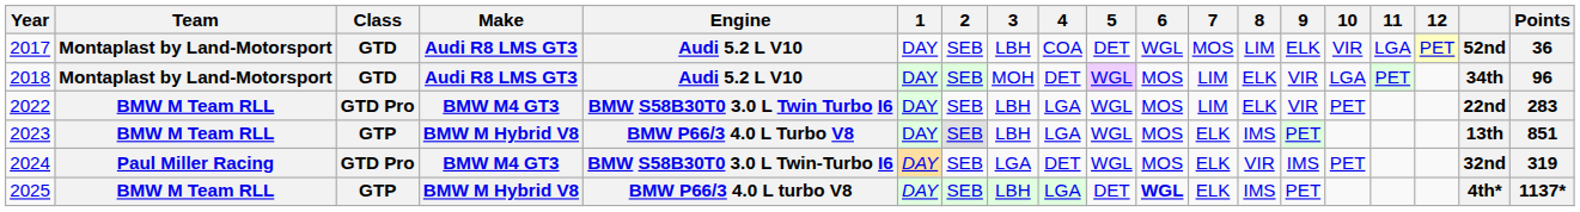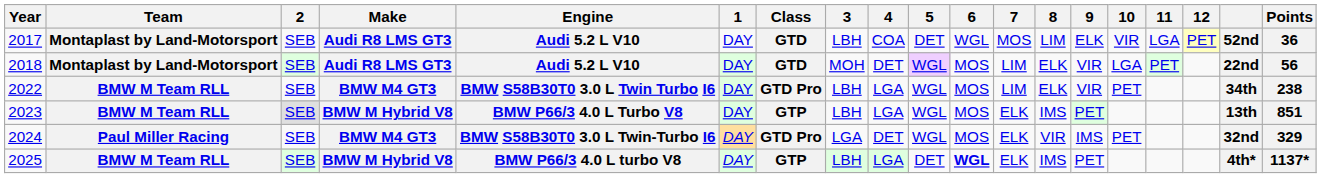 <table class="wikitable" style="text-align:center; font-size:85%">
 <tr>
 <th>Year</th>
 <th>Team</th>
-<th>Class</th>
+<th>2</th>
 <th>Make</th>
 <th>Engine</th>
 <th>1</th>
-<th>2</th>
+<th>Class</th>
 <th>3</th>
 <th>4</th>
 <th>5</th>
 <th>6</th>
 <th>7</th>
 <th>8</th>
 <th>9</th>
 <th>10</th>
 <th>11</th>
 <th>12</th>
 <th></th>
 <th>Points</th>
 </tr>
 <tr>
 <td><a href='#'>2017</a></td>
 <th nowrap>Montaplast by Land-Motorsport</th>
-<th>GTD</th>
+<td><a href='#'>SEB</a></td>
 <th nowrap><a href='#'>Audi R8 LMS GT3</a></th>
 <th nowrap><a href='#'>Audi</a> 5.2 L V10</th>
 <td><a href='#'>DAY</a></td>
-<td><a href='#'>SEB</a></td>
+<th>GTD</th>
 <td><a href='#'>LBH</a></td>
 <td><a href='#'>COA</a></td>
 <td><a href='#'>DET</a></td>
 <td><a href='#'>WGL</a></td>
 <td><a href='#'>MOS</a></td>
 <td><a href='#'>LIM</a></td>
 <td><a href='#'>ELK</a></td>
 <td><a href='#'>VIR</a></td>
 <td><a href='#'>LGA</a></td>
 <td style="background:#FFFFBF;"><a href='#'>PET</a><br></td>
 <th>52nd</th>
 <th>36</th>
 </tr>
 <tr>
 <td nowrap><a href='#'>2018</a></td>
 <th nowrap>Montaplast by Land-Motorsport</th>
-<th>GTD</th>
+<td style="background:#DFFFDF;"><a href='#'>SEB</a><br></td>
 <th nowrap><a href='#'>Audi R8 LMS GT3</a></th>
 <th nowrap><a href='#'>Audi</a> 5.2 L V10</th>
 <td style="background:#DFFFDF;"><a href='#'>DAY</a><br></td>
-<td style="background:#DFFFDF;"><a href='#'>SEB</a><br></td>
+<th>GTD</th>
 <td><a href='#'>MOH</a></td>
 <td><a href='#'>DET</a></td>
 <td style="background:#EFCFFF;"><a href='#'>WGL</a><br></td>
 <td><a href='#'>MOS</a></td>
 <td><a href='#'>LIM</a></td>
 <td><a href='#'>ELK</a></td>
 <td><a href='#'>VIR</a></td>
 <td><a href='#'>LGA</a></td>
 <td style="background:#DFFFDF;"><a href='#'>PET</a><br></td>
 <td></td>
-<th>34th</th>
-<th>96</th>
+<th>22nd</th>
+<th>56</th>
 </tr>
 <tr>
 <td nowrap><a href='#'>2022</a></td>
 <th nowrap><a href='#'>BMW M Team RLL</a></th>
-<th nowrap>GTD Pro</th>
+<td><a href='#'>SEB</a></td>
 <th nowrap><a href='#'>BMW M4 GT3</a></th>
 <th nowrap><a href='#'>BMW</a> <a href='#'>S58B30T0</a> 3.0 L <a href='#'>Twin Turbo</a> <a href='#'>I6</a></th>
 <td style="background:#DFFFDF;"><a href='#'>DAY</a><br></td>
-<td><a href='#'>SEB</a></td>
+<th nowrap>GTD Pro</th>
 <td><a href='#'>LBH</a></td>
 <td><a href='#'>LGA</a></td>
 <td><a href='#'>WGL</a></td>
 <td><a href='#'>MOS</a></td>
 <td><a href='#'>LIM</a></td>
 <td><a href='#'>ELK</a></td>
 <td><a href='#'>VIR</a></td>
 <td><a href='#'>PET</a></td>
 <td></td>
 <td></td>
-<th>22nd</th>
-<th>283</th>
+<th>34th</th>
+<th>238</th>
 </tr>
 <tr>
 <td><a href='#'>2023</a></td>
 <th nowrap><a href='#'>BMW M Team RLL</a></th>
-<th>GTP</th>
+<td style="background:#DFDFDF;”"><a href='#'>SEB</a><br></td>
 <th nowrap><a href='#'>BMW M Hybrid V8</a></th>
 <th nowrap><a href='#'>BMW P66/3</a> 4.0 L Turbo <a href='#'>V8</a></th>
 <td style="background:#DFFFDF;"><a href='#'>DAY</a><br></td>
-<td style="background:#DFDFDF;”"><a href='#'>SEB</a><br></td>
+<th>GTP</th>
 <td><a href='#'>LBH</a></td>
 <td><a href='#'>LGA</a></td>
 <td><a href='#'>WGL</a></td>
 <td><a href='#'>MOS</a></td>
 <td><a href='#'>ELK</a></td>
 <td><a href='#'>IMS</a></td>
 <td style="background:#DFFFDF;"><a href='#'>PET</a><br></td>
 <td></td>
 <td></td>
 <td></td>
 <th>13th</th>
 <th>851</th>
 </tr>
 <tr>
 <td><a href='#'>2024</a></td>
 <th nowrap><a href='#'>Paul Miller Racing</a></th>
-<th nowrap>GTD Pro</th>
+<td><a href='#'>SEB</a></td>
 <th nowrap><a href='#'>BMW M4 GT3</a></th>
 <th nowrap><a href='#'>BMW</a> <a href='#'>S58B30T0</a> 3.0 L Twin-Turbo <a href='#'>I6</a></th>
 <td style="background:#FFDF9F;"><em><a href='#'>DAY</a></em><br></td>
-<td><a href='#'>SEB</a></td>
+<th nowrap>GTD Pro</th>
 <td><a href='#'>LGA</a></td>
 <td><a href='#'>DET</a></td>
 <td><a href='#'>WGL</a></td>
 <td><a href='#'>MOS</a></td>
 <td><a href='#'>ELK</a></td>
 <td><a href='#'>VIR</a></td>
 <td><a href='#'>IMS</a></td>
 <td><a href='#'>PET</a></td>
 <td></td>
 <td></td>
 <th>32nd</th>
-<th>319</th>
+<th>329</th>
 </tr>
 <tr>
 <td><a href='#'>2025</a></td>
 <th><a href='#'>BMW M Team RLL</a></th>
-<th>GTP</th>
+<td style="background:#DFFFDF;"><a href='#'>SEB</a><br></td>
 <th><a href='#'>BMW M Hybrid V8</a></th>
 <th><a href='#'>BMW P66/3</a> 4.0 L turbo V8</th>
 <td style="background:#DFFFDF;"><em><a href='#'>DAY</a></em><br></td>
-<td style="background:#DFFFDF;"><a href='#'>SEB</a><br></td>
+<th>GTP</th>
 <td style="background:#DFFFDF;"><a href='#'>LBH</a><br></td>
 <td style="background:#DFFFDF;"><a href='#'>LGA</a><br></td>
 <td style="background:#;"><a href='#'>DET</a><br></td>
 <td style="background:#;"><strong><a href='#'>WGL</a><br></strong></td>
 <td style="background:#;"><a href='#'>ELK</a><br></td>
 <td style="background:#;"><a href='#'>IMS</a><br></td>
 <td style="background:#;"><a href='#'>PET</a><br></td>
 <td></td>
 <td></td>
 <td></td>
 <th>4th*</th>
 <th>1137*</th>
 </tr>
 </table>
